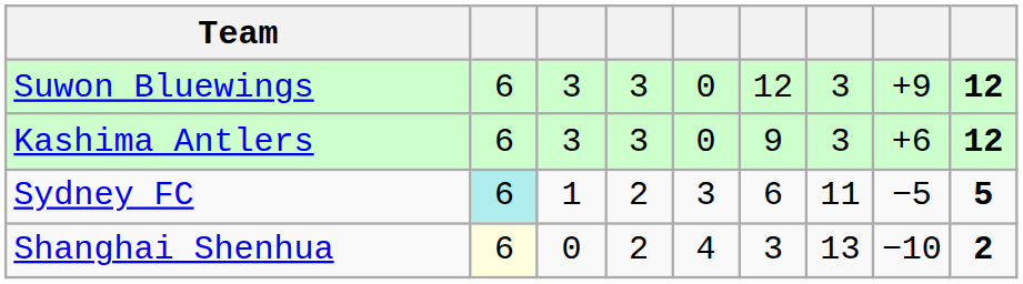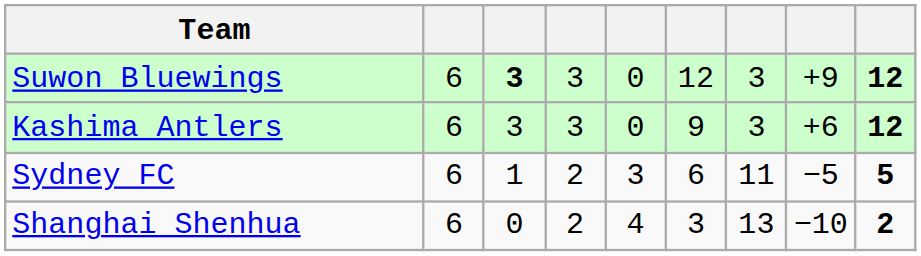 <table class="wikitable" style="text-align:center;">
 <tr>
 <th width=175>Team</th>
 <th width=20></th>
 <th width=20></th>
 <th width=20></th>
 <th width=20></th>
 <th width=20></th>
 <th width=20></th>
 <th width=20></th>
 <th width=20></th>
 </tr>
 <tr bgcolor=#ccffcc>
 <td align=left> <a href='#'>Suwon Bluewings</a></td>
 <td>6</td>
-<td>3</td>
+<td><strong>3</strong></td>
 <td>3</td>
 <td>0</td>
 <td>12</td>
 <td>3</td>
 <td>+9</td>
 <td><strong>12</strong></td>
 </tr>
 <tr bgcolor=#ccffcc>
 <td align=left> <a href='#'>Kashima Antlers</a></td>
 <td>6</td>
 <td>3</td>
 <td>3</td>
 <td>0</td>
 <td>9</td>
 <td>3</td>
 <td>+6</td>
 <td><strong>12</strong></td>
 </tr>
 <tr>
 <td align=left> <a href='#'>Sydney FC</a></td>
-<td style="background: paleturquoise;">6</td>
+<td>6</td>
 <td>1</td>
 <td>2</td>
 <td>3</td>
 <td>6</td>
 <td>11</td>
 <td>−5</td>
 <td><strong>5</strong></td>
 </tr>
 <tr>
 <td align=left> <a href='#'>Shanghai Shenhua</a></td>
-<td style="background: lightyellow;">6</td>
+<td>6</td>
 <td>0</td>
 <td>2</td>
 <td>4</td>
 <td>3</td>
 <td>13</td>
 <td>−10</td>
 <td><strong>2</strong></td>
 </tr>
 </table>
